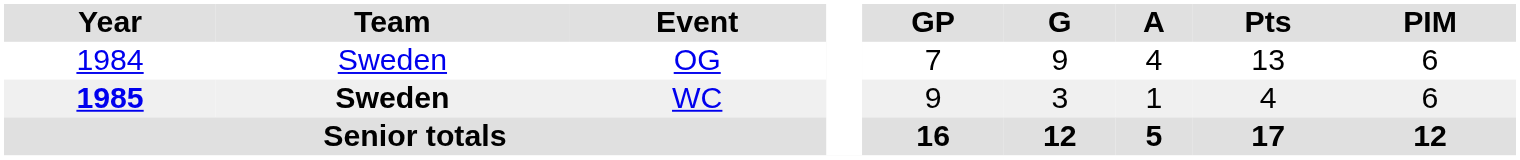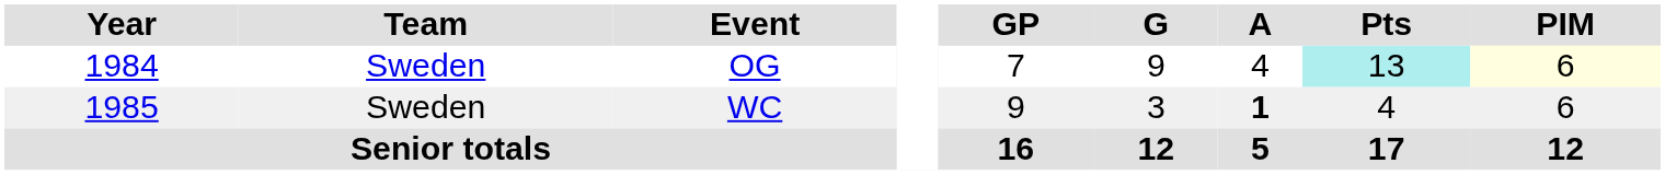 <table border="0" cellpadding="1" cellspacing="0" style="text-align:center; width:50em">
 <tr ALIGN="center" bgcolor="#e0e0e0">
 <th>Year</th>
 <th>Team</th>
 <th>Event</th>
 <th rowspan="99" bgcolor="#ffffff"> </th>
 <th>GP</th>
 <th>G</th>
 <th>A</th>
 <th>Pts</th>
 <th>PIM</th>
 </tr>
 <tr>
 <td><a href='#'>1984</a></td>
 <td><a href='#'>Sweden</a></td>
 <td><a href='#'>OG</a></td>
 <td>7</td>
 <td>9</td>
 <td>4</td>
-<td>13</td>
-<td>6</td>
+<td style="background: paleturquoise;">13</td>
+<td style="background: lightyellow;">6</td>
 </tr>
 <tr bgcolor="#f0f0f0">
-<td><strong><a href='#'>1985</a></strong></td>
-<td><strong>Sweden</strong></td>
+<td><a href='#'>1985</a></td>
+<td>Sweden</td>
 <td><a href='#'>WC</a></td>
 <td>9</td>
 <td>3</td>
-<td>1</td>
+<td><strong>1</strong></td>
 <td>4</td>
 <td>6</td>
 </tr>
 <tr bgcolor="#e0e0e0">
 <th colspan=3>Senior totals</th>
 <th>16</th>
 <th>12</th>
 <th>5</th>
 <th>17</th>
 <th>12</th>
 </tr>
 </table>
